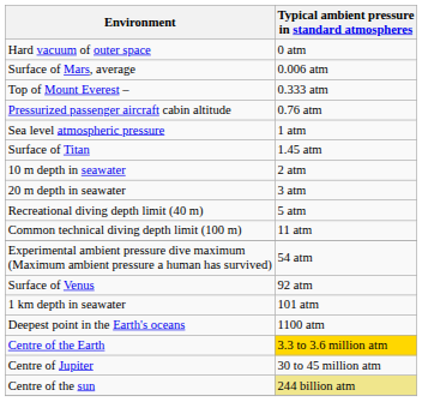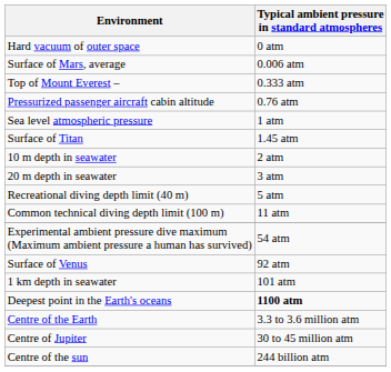 <table class="wikitable">
 <tr>
 <th>Environment</th>
 <th>Typical ambient pressure<br> in <a href='#'>standard atmospheres</a></th>
 </tr>
 <tr>
 <td>Hard <a href='#'>vacuum</a> of <a href='#'>outer space</a></td>
 <td>0 atm</td>
 </tr>
 <tr>
 <td>Surface of <a href='#'>Mars</a>, average</td>
 <td>0.006 atm </td>
 </tr>
 <tr>
 <td>Top of <a href='#'>Mount Everest</a> – </td>
 <td>0.333 atm </td>
 </tr>
 <tr>
 <td><a href='#'>Pressurized passenger aircraft</a> cabin altitude </td>
 <td>0.76 atm</td>
 </tr>
 <tr>
 <td>Sea level <a href='#'>atmospheric pressure</a></td>
 <td>1 atm</td>
 </tr>
 <tr>
 <td>Surface of <a href='#'>Titan</a></td>
 <td>1.45 atm</td>
 </tr>
 <tr>
 <td>10 m depth in <a href='#'>seawater</a></td>
 <td>2 atm</td>
 </tr>
 <tr>
 <td>20 m depth in seawater</td>
 <td>3 atm</td>
 </tr>
 <tr>
 <td>Recreational diving depth limit (40 m)</td>
 <td>5 atm</td>
 </tr>
 <tr>
 <td>Common technical diving depth limit (100 m)</td>
 <td>11 atm</td>
 </tr>
 <tr>
 </tr>
 <tr>
 <td>Experimental ambient pressure dive maximum<br>(Maximum ambient pressure a human has survived)</td>
 <td>54 atm</td>
 </tr>
 <tr>
 <td>Surface of <a href='#'>Venus</a></td>
 <td>92 atm </td>
 </tr>
 <tr>
 <td>1 km depth in seawater</td>
 <td>101 atm</td>
 </tr>
 <tr>
 <td>Deepest point in the <a href='#'>Earth's oceans</a></td>
-<td>1100 atm</td>
+<td><strong>1100 atm</strong></td>
 </tr>
 <tr>
 <td><a href='#'>Centre of the Earth</a></td>
-<td style="background: gold;">3.3 to 3.6 million atm</td>
+<td>3.3 to 3.6 million atm</td>
 </tr>
 <tr>
 <td>Centre of <a href='#'>Jupiter</a></td>
 <td>30 to 45 million atm</td>
 </tr>
 <tr>
 <td>Centre of the <a href='#'>sun</a></td>
-<td style="background: khaki;">244 billion atm </td>
+<td>244 billion atm </td>
 </tr>
 <tr>
 </tr>
 </table>
